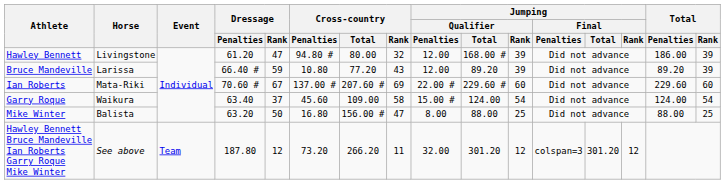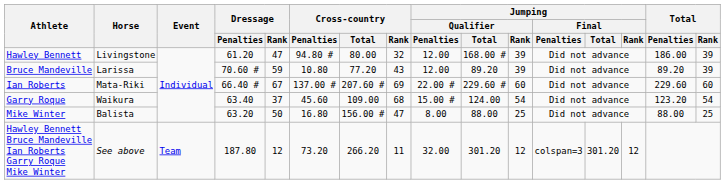 <table class=wikitable style="font-size:90%">
 <tr>
 <th rowspan="3">Athlete</th>
 <th rowspan="3">Horse</th>
 <th rowspan="3">Event</th>
 <th colspan="2" rowspan="2">Dressage</th>
 <th colspan="3" rowspan="2">Cross-country</th>
 <th colspan="6">Jumping</th>
 <th colspan="2" rowspan="2">Total</th>
 </tr>
 <tr style="font-size:95%">
 <th colspan="3">Qualifier</th>
 <th colspan="3">Final</th>
 </tr>
 <tr style="font-size:95%">
 <th>Penalties</th>
 <th>Rank</th>
 <th>Penalties</th>
 <th>Total</th>
 <th>Rank</th>
 <th>Penalties</th>
 <th>Total</th>
 <th>Rank</th>
 <th>Penalties</th>
 <th>Total</th>
 <th>Rank</th>
 <th>Penalties</th>
 <th>Rank</th>
 </tr>
 <tr align=center>
 <td align=left><a href='#'>Hawley Bennett</a></td>
 <td align=left>Livingstone</td>
 <td align=left rowspan=5><a href='#'>Individual</a></td>
 <td>61.20</td>
 <td>47</td>
 <td>94.80 #</td>
 <td>80.00</td>
 <td>32</td>
 <td>12.00</td>
 <td>168.00 #</td>
 <td>39</td>
 <td colspan=3>Did not advance</td>
 <td>186.00</td>
 <td>39</td>
 </tr>
 <tr align=center>
 <td align=left><a href='#'>Bruce Mandeville</a></td>
 <td align=left>Larissa</td>
-<td>66.40 #</td>
+<td>70.60 #</td>
 <td>59</td>
 <td>10.80</td>
 <td>77.20</td>
 <td>43</td>
 <td>12.00</td>
 <td>89.20</td>
 <td>39</td>
 <td colspan=3>Did not advance</td>
 <td>89.20</td>
 <td>39</td>
 </tr>
 <tr align=center>
 <td align=left><a href='#'>Ian Roberts</a></td>
 <td align=left>Mata-Riki</td>
-<td>70.60 #</td>
+<td>66.40 #</td>
 <td>67</td>
 <td>137.00 #</td>
 <td>207.60 #</td>
 <td>69</td>
 <td>22.00 #</td>
 <td>229.60 #</td>
 <td>60</td>
 <td colspan=3>Did not advance</td>
 <td>229.60</td>
 <td>60</td>
 </tr>
 <tr align=center>
 <td align=left><a href='#'>Garry Roque</a></td>
 <td align=left>Waikura</td>
 <td>63.40</td>
 <td>37</td>
 <td>45.60</td>
 <td>109.00</td>
-<td>58</td>
+<td>68</td>
 <td>15.00 #</td>
 <td>124.00</td>
 <td>54</td>
 <td colspan=3>Did not advance</td>
-<td>124.00</td>
+<td>123.20</td>
 <td>54</td>
 </tr>
 <tr align=center>
 <td align=left><a href='#'>Mike Winter</a></td>
 <td align=left>Balista</td>
 <td>63.20</td>
 <td>50</td>
 <td>16.80</td>
 <td>156.00 #</td>
 <td>47</td>
 <td>8.00</td>
 <td>88.00</td>
 <td>25</td>
 <td colspan=3>Did not advance</td>
 <td>88.00</td>
 <td>25</td>
 </tr>
 <tr align=center>
 <td align=left><a href='#'>Hawley Bennett</a><br><a href='#'>Bruce Mandeville</a><br><a href='#'>Ian Roberts</a><br><a href='#'>Garry Roque</a><br><a href='#'>Mike Winter</a></td>
 <td align=left><em>See above</em></td>
 <td align=left><a href='#'>Team</a></td>
 <td>187.80</td>
 <td>12</td>
 <td>73.20</td>
 <td>266.20</td>
 <td>11</td>
 <td>32.00</td>
 <td>301.20</td>
 <td>12</td>
 <td>colspan=3 </td>
 <td>301.20</td>
 <td>12</td>
 </tr>
 </table>
